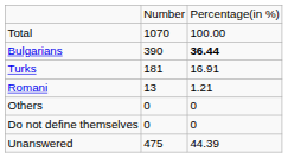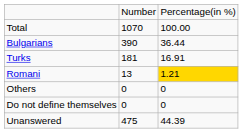 <table class="wikitable">
 <tr>
 <td></td>
 <td>Number</td>
 <td>Percentage(in %)</td>
 </tr>
 <tr>
 <td>Total</td>
 <td>1070</td>
 <td>100.00</td>
 </tr>
 <tr>
 <td><a href='#'>Bulgarians</a></td>
 <td>390</td>
-<td><strong>36.44</strong></td>
+<td>36.44</td>
 </tr>
 <tr>
 <td><a href='#'>Turks</a></td>
 <td>181</td>
 <td>16.91</td>
 </tr>
 <tr>
 <td><a href='#'>Romani</a></td>
 <td>13</td>
-<td>1.21</td>
+<td style="background: gold;">1.21</td>
 </tr>
 <tr>
 <td>Others</td>
 <td>0</td>
 <td>0</td>
 </tr>
 <tr>
 <td>Do not define themselves</td>
 <td>0</td>
 <td>0</td>
 </tr>
 <tr>
 <td>Unanswered</td>
 <td>475</td>
 <td>44.39</td>
 </tr>
 </table>
